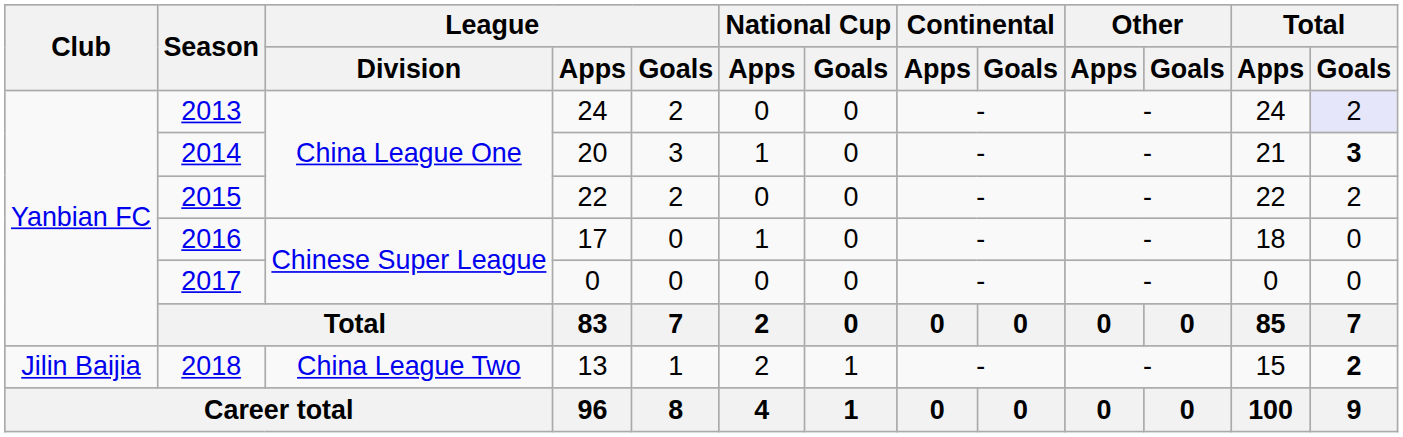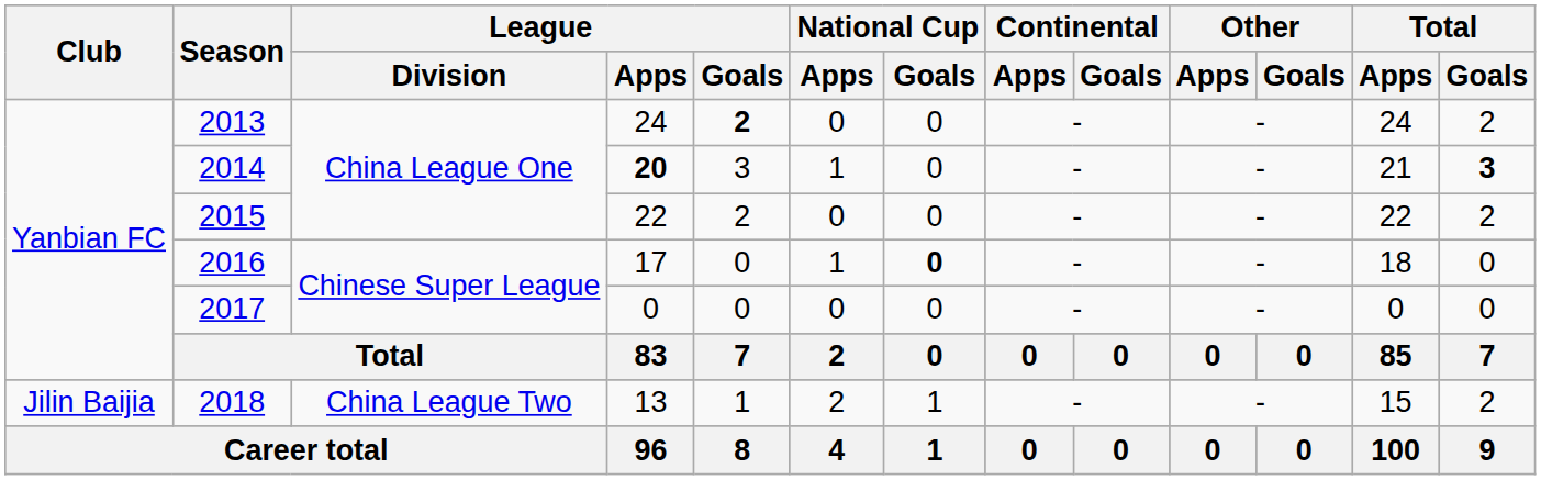 <table class="wikitable" style="text-align: center">
 <tr>
 <th rowspan="2">Club</th>
 <th rowspan="2">Season</th>
 <th colspan="3">League</th>
 <th colspan="2">National Cup</th>
 <th colspan="2">Continental</th>
 <th colspan="2">Other</th>
 <th colspan="2">Total</th>
 </tr>
 <tr>
 <th>Division</th>
 <th>Apps</th>
 <th>Goals</th>
 <th>Apps</th>
 <th>Goals</th>
 <th>Apps</th>
 <th>Goals</th>
 <th>Apps</th>
 <th>Goals</th>
 <th>Apps</th>
 <th>Goals</th>
 </tr>
 <tr>
 <td rowspan=6><a href='#'>Yanbian FC</a></td>
 <td><a href='#'>2013</a></td>
 <td rowspan="3"><a href='#'>China League One</a></td>
 <td>24</td>
-<td>2</td>
+<td><strong>2</strong></td>
 <td>0</td>
 <td>0</td>
 <td colspan="2">-</td>
 <td colspan="2">-</td>
 <td>24</td>
-<td style="background: lavender;">2</td>
+<td>2</td>
 </tr>
 <tr>
 <td><a href='#'>2014</a></td>
-<td>20</td>
+<td><strong>20</strong></td>
 <td>3</td>
 <td>1</td>
 <td>0</td>
 <td colspan="2">-</td>
 <td colspan="2">-</td>
 <td>21</td>
 <td><strong>3</strong></td>
 </tr>
 <tr>
 <td><a href='#'>2015</a></td>
 <td>22</td>
 <td>2</td>
 <td>0</td>
 <td>0</td>
 <td colspan="2">-</td>
 <td colspan="2">-</td>
 <td>22</td>
 <td>2</td>
 </tr>
 <tr>
 <td><a href='#'>2016</a></td>
 <td rowspan="2"><a href='#'>Chinese Super League</a></td>
 <td>17</td>
 <td>0</td>
 <td>1</td>
-<td>0</td>
+<td><strong>0</strong></td>
 <td colspan="2">-</td>
 <td colspan="2">-</td>
 <td>18</td>
 <td>0</td>
 </tr>
 <tr>
 <td><a href='#'>2017</a></td>
 <td>0</td>
 <td>0</td>
 <td>0</td>
 <td>0</td>
 <td colspan="2">-</td>
 <td colspan="2">-</td>
 <td>0</td>
 <td>0</td>
 </tr>
 <tr>
 <th colspan=2>Total</th>
 <th>83</th>
 <th>7</th>
 <th>2</th>
 <th>0</th>
 <th>0</th>
 <th>0</th>
 <th>0</th>
 <th>0</th>
 <th>85</th>
 <th>7</th>
 </tr>
 <tr>
 <td rowspan="1"><a href='#'>Jilin Baijia</a></td>
 <td><a href='#'>2018</a></td>
 <td rowspan="1"><a href='#'>China League Two</a></td>
 <td>13</td>
 <td>1</td>
 <td>2</td>
 <td>1</td>
 <td colspan="2">-</td>
 <td colspan="2">-</td>
 <td>15</td>
-<td><strong>2</strong></td>
+<td>2</td>
 </tr>
 <tr>
 <th colspan=3>Career total</th>
 <th>96</th>
 <th>8</th>
 <th>4</th>
 <th>1</th>
 <th>0</th>
 <th>0</th>
 <th>0</th>
 <th>0</th>
 <th>100</th>
 <th>9</th>
 </tr>
 </table>
